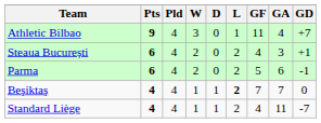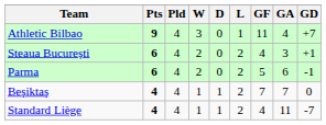 <table class="wikitable" style="text-align: center;">
 <tr>
 </tr>
 <tr>
 <th width=175>Team</th>
 <th width=20>Pts</th>
 <th width=20>Pld</th>
 <th width=20>W</th>
 <th width=20>D</th>
 <th width=20>L</th>
 <th width=20>GF</th>
 <th width=20>GA</th>
 <th width=20>GD</th>
 </tr>
 <tr align=center bgcolor=ccffcc>
 <td align=left> <a href='#'>Athletic Bilbao</a></td>
 <td><strong>9</strong></td>
 <td>4</td>
 <td>3</td>
 <td>0</td>
 <td>1</td>
 <td>11</td>
 <td>4</td>
 <td>+7</td>
 </tr>
 <tr align=center bgcolor=ccffcc>
 <td align=left> <a href='#'>Steaua București</a></td>
 <td><strong>6</strong></td>
 <td>4</td>
 <td>2</td>
 <td>0</td>
 <td>2</td>
 <td>4</td>
 <td>3</td>
 <td>+1</td>
 </tr>
 <tr align=center bgcolor=ccffcc>
 <td align=left> <a href='#'>Parma</a></td>
 <td><strong>6</strong></td>
 <td>4</td>
 <td>2</td>
 <td>0</td>
 <td>2</td>
 <td>5</td>
 <td>6</td>
 <td>-1</td>
 </tr>
 <tr align=center>
 <td align=left> <a href='#'>Beşiktaş</a></td>
 <td><strong>4</strong></td>
 <td>4</td>
 <td>1</td>
 <td>1</td>
-<td><strong>2</strong></td>
+<td>2</td>
 <td>7</td>
 <td>7</td>
 <td>0</td>
 </tr>
 <tr align=center>
 <td align=left> <a href='#'>Standard Liège</a></td>
 <td><strong>4</strong></td>
 <td>4</td>
 <td>1</td>
 <td>1</td>
 <td>2</td>
 <td>4</td>
 <td>11</td>
 <td>-7</td>
 </tr>
 </table>
